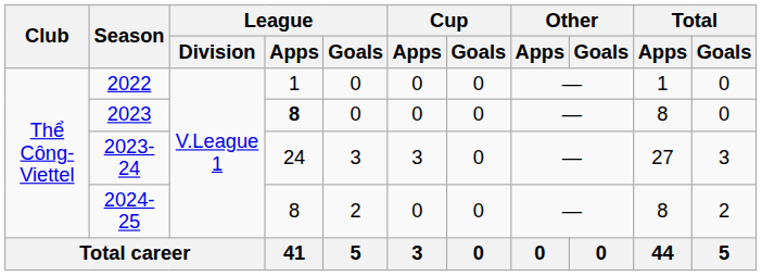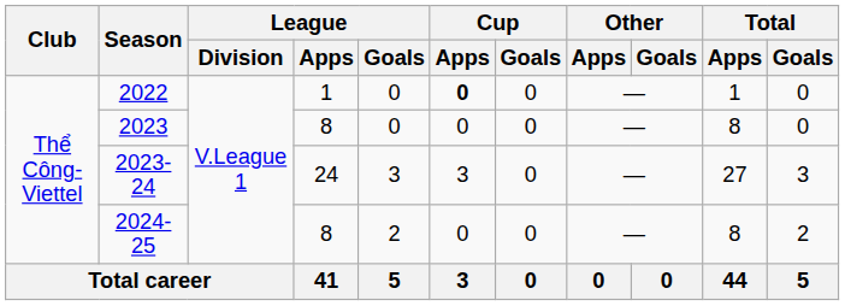 <table class="wikitable" style="text-align:center">
 <tr>
 <th rowspan="2">Club</th>
 <th rowspan="2">Season</th>
 <th colspan="3">League</th>
 <th colspan="2">Cup</th>
 <th colspan="2">Other</th>
 <th colspan="2">Total</th>
 </tr>
 <tr>
 <th>Division</th>
 <th>Apps</th>
 <th>Goals</th>
 <th>Apps</th>
 <th>Goals</th>
 <th>Apps</th>
 <th>Goals</th>
 <th>Apps</th>
 <th>Goals</th>
 </tr>
 <tr>
 <td rowspan=4><a href='#'>Thể Công-Viettel</a></td>
 <td><a href='#'>2022</a></td>
 <td rowspan=4><a href='#'>V.League 1</a></td>
 <td>1</td>
 <td>0</td>
-<td>0</td>
+<td><strong>0</strong></td>
 <td>0</td>
 <td colspan=2>—</td>
 <td>1</td>
 <td>0</td>
 </tr>
 <tr>
 <td><a href='#'>2023</a></td>
-<td><strong>8</strong></td>
+<td>8</td>
 <td>0</td>
 <td>0</td>
 <td>0</td>
 <td colspan=2>—</td>
 <td>8</td>
 <td>0</td>
 </tr>
 <tr>
 <td><a href='#'>2023-24</a></td>
 <td>24</td>
 <td>3</td>
 <td>3</td>
 <td>0</td>
 <td colspan=2>—</td>
 <td>27</td>
 <td>3</td>
 </tr>
 <tr>
 <td><a href='#'>2024-25</a></td>
 <td>8</td>
 <td>2</td>
 <td>0</td>
 <td>0</td>
 <td colspan=2>—</td>
 <td>8</td>
 <td>2</td>
 </tr>
 <tr>
 <th colspan=3>Total career</th>
 <th>41</th>
 <th>5</th>
 <th>3</th>
 <th>0</th>
 <th>0</th>
 <th>0</th>
 <th>44</th>
 <th>5</th>
 </tr>
 </table>
